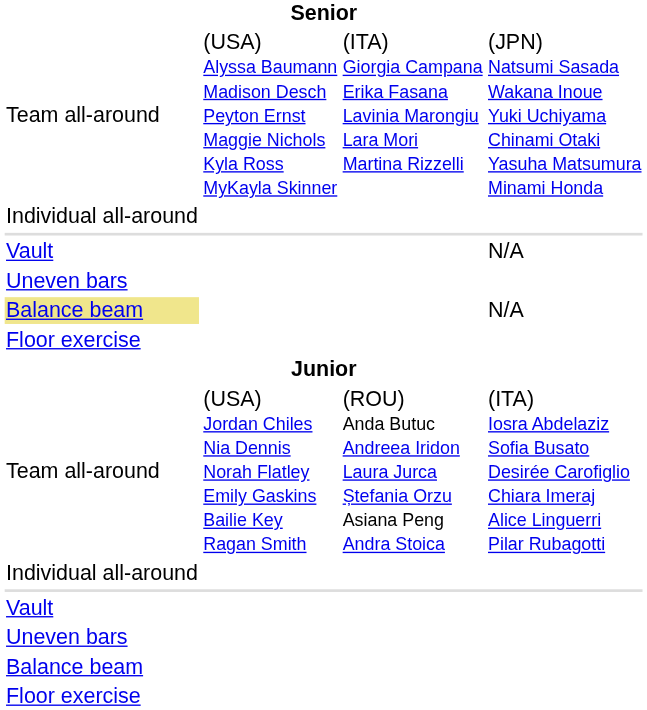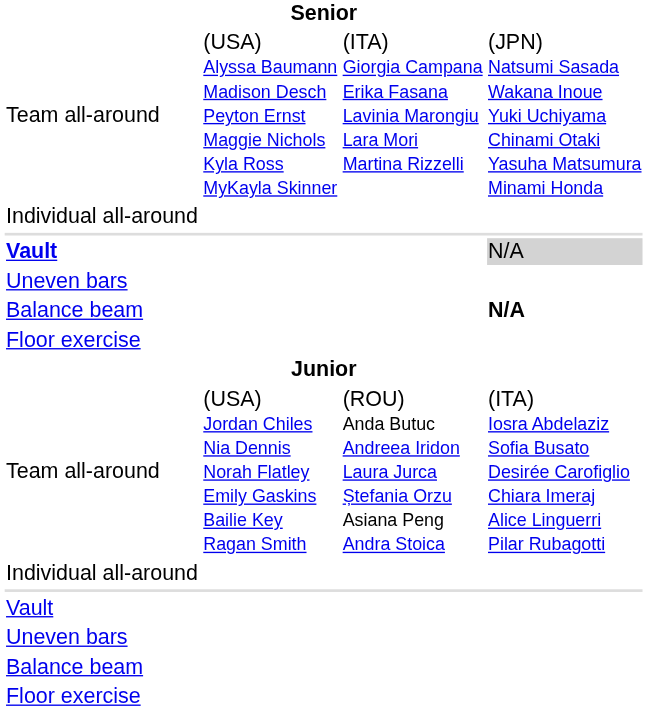 <table>
 <tr>
 <th colspan="4">Senior</th>
 </tr>
 <tr>
 <td>Team all-around</td>
 <td> (USA) <br><small><a href='#'>Alyssa Baumann</a><br><a href='#'>Madison Desch</a><br><a href='#'>Peyton Ernst</a><br><a href='#'>Maggie Nichols</a><br><a href='#'>Kyla Ross</a><br><a href='#'>MyKayla Skinner</a></small></td>
 <td> (ITA) <br><small><a href='#'>Giorgia Campana</a><br><a href='#'>Erika Fasana</a><br><a href='#'>Lavinia Marongiu</a><br><a href='#'>Lara Mori</a><br><a href='#'>Martina Rizzelli</a><br><br></small></td>
 <td> (JPN) <br><small><a href='#'>Natsumi Sasada</a><br><a href='#'>Wakana Inoue</a><br><a href='#'>Yuki Uchiyama</a><br><a href='#'>Chinami Otaki</a><br><a href='#'>Yasuha Matsumura</a><br><a href='#'>Minami Honda</a></small></td>
 </tr>
 <tr>
 <td>Individual all-around</td>
 <td></td>
 <td></td>
 <td></td>
 </tr>
 <tr bgcolor=#DDDDDD>
 <td colspan=7></td>
 </tr>
 <tr>
-<td><a href='#'>Vault</a></td>
+<td><strong><a href='#'>Vault</a></strong></td>
 <td></td>
 <td></td>
-<td>N/A</td>
+<td style="background: lightgrey;">N/A</td>
 </tr>
 <tr>
 <td><a href='#'>Uneven bars</a></td>
 <td></td>
 <td></td>
 <td></td>
 </tr>
 <tr>
-<td style="background: khaki;"><a href='#'>Balance beam</a></td>
+<td><a href='#'>Balance beam</a></td>
 <td></td>
 <td><br></td>
-<td>N/A</td>
+<td><strong>N/A</strong></td>
 </tr>
 <tr>
 <td><a href='#'>Floor exercise</a></td>
 <td></td>
 <td></td>
 <td></td>
 </tr>
 <tr>
 <th colspan="4">Junior</th>
 </tr>
 <tr>
 <td>Team all-around</td>
 <td> (USA) <br><small><a href='#'>Jordan Chiles</a><br><a href='#'>Nia Dennis</a><br><a href='#'>Norah Flatley</a><br><a href='#'>Emily Gaskins</a><br><a href='#'>Bailie Key</a><br><a href='#'>Ragan Smith</a></small></td>
 <td> (ROU) <br><small>Anda Butuc<br><a href='#'>Andreea Iridon</a><br><a href='#'>Laura Jurca</a><br><a href='#'>Ștefania Orzu</a><br>Asiana Peng<br><a href='#'>Andra Stoica</a></small></td>
 <td> (ITA) <br><small><a href='#'>Iosra Abdelaziz</a><br><a href='#'>Sofia Busato</a><br><a href='#'>Desirée Carofiglio</a><br><a href='#'>Chiara Imeraj</a><br><a href='#'>Alice Linguerri</a><br><a href='#'>Pilar Rubagotti</a></small></td>
 </tr>
 <tr>
 <td>Individual all-around</td>
 <td></td>
 <td></td>
 <td></td>
 </tr>
 <tr bgcolor=#DDDDDD>
 <td colspan=7></td>
 </tr>
 <tr>
 <td><a href='#'>Vault</a></td>
 <td></td>
 <td></td>
 <td></td>
 </tr>
 <tr>
 <td><a href='#'>Uneven bars</a></td>
 <td></td>
 <td></td>
 <td></td>
 </tr>
 <tr>
 <td><a href='#'>Balance beam</a></td>
 <td></td>
 <td></td>
 <td></td>
 </tr>
 <tr>
 <td><a href='#'>Floor exercise</a></td>
 <td></td>
 <td></td>
 <td></td>
 </tr>
 </table>
